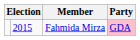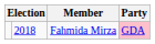 <table class="wikitable">
 <tr>
 <th colspan="2">Election</th>
 <th>Member</th>
 <th>Party</th>
 </tr>
 <tr>
 <td style="background-color: "></td>
-<td><a href='#'>2015</a></td>
+<td><a href='#'>2018</a></td>
 <td><a href='#'>Fahmida Mirza</a></td>
 <td style="background: pink;"><a href='#'>GDA</a></td>
 </tr>
 </table>
